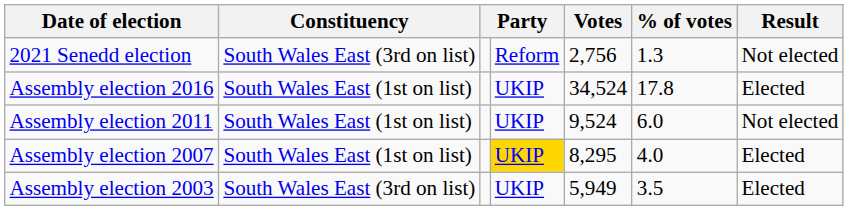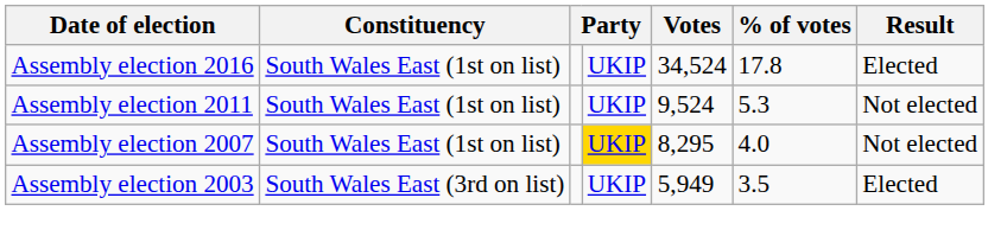 <table class="wikitable">
 <tr>
 <th>Date of election</th>
 <th>Constituency</th>
 <th colspan = 2>Party</th>
 <th>Votes</th>
 <th>% of votes</th>
 <th>Result</th>
-</tr>
-<tr>
-<td><a href='#'>2021 Senedd election</a></td>
-<td><a href='#'>South Wales East</a> (3rd on list)</td>
-<td style="background-color: "></td>
-<td><a href='#'>Reform</a></td>
-<td>2,756</td>
-<td>1.3</td>
-<td>Not elected</td>
 </tr>
 <tr>
 <td><a href='#'>Assembly election 2016</a></td>
 <td><a href='#'>South Wales East</a> (1st on list)</td>
 <td Style="background-color: "></td>
 <td><a href='#'>UKIP</a></td>
 <td>34,524</td>
 <td>17.8</td>
 <td>Elected</td>
 </tr>
 <tr>
 <td><a href='#'>Assembly election 2011</a></td>
 <td><a href='#'>South Wales East</a> (1st on list)</td>
 <td style="background-color: "></td>
 <td><a href='#'>UKIP</a></td>
 <td>9,524</td>
-<td>6.0</td>
+<td>5.3</td>
 <td>Not elected</td>
 </tr>
 <tr>
 <td><a href='#'>Assembly election 2007</a></td>
 <td><a href='#'>South Wales East</a> (1st on list)</td>
 <td style="background-color: "></td>
 <td style="background: gold;"><a href='#'>UKIP</a></td>
 <td>8,295</td>
 <td>4.0</td>
-<td>Elected</td>
+<td>Not elected</td>
 </tr>
 <tr>
 <td><a href='#'>Assembly election 2003</a></td>
 <td><a href='#'>South Wales East</a> (3rd on list)</td>
 <td style="background-color: "></td>
 <td><a href='#'>UKIP</a></td>
 <td>5,949</td>
 <td>3.5</td>
 <td>Elected</td>
 </tr>
 </table>
